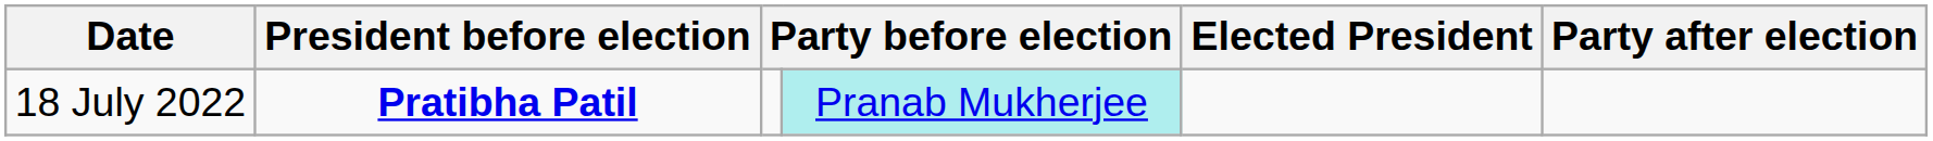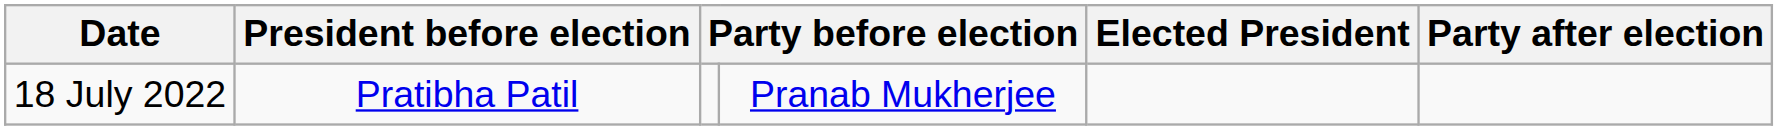 <table class="wikitable sortable" style="text-align:center;">
 <tr>
 <th>Date</th>
 <th>President before election</th>
 <th colspan="2">Party before election</th>
 <th>Elected President</th>
 <th colspan="2">Party after election</th>
 </tr>
 <tr>
 <td>18 July 2022</td>
-<td><strong><a href='#'>Pratibha Patil</a></strong></td>
+<td><a href='#'>Pratibha Patil</a></td>
 <td></td>
-<td style="background: paleturquoise;"><a href='#'>Pranab Mukherjee</a></td>
+<td><a href='#'>Pranab Mukherjee</a></td>
 <td></td>
 </tr>
 </table>
